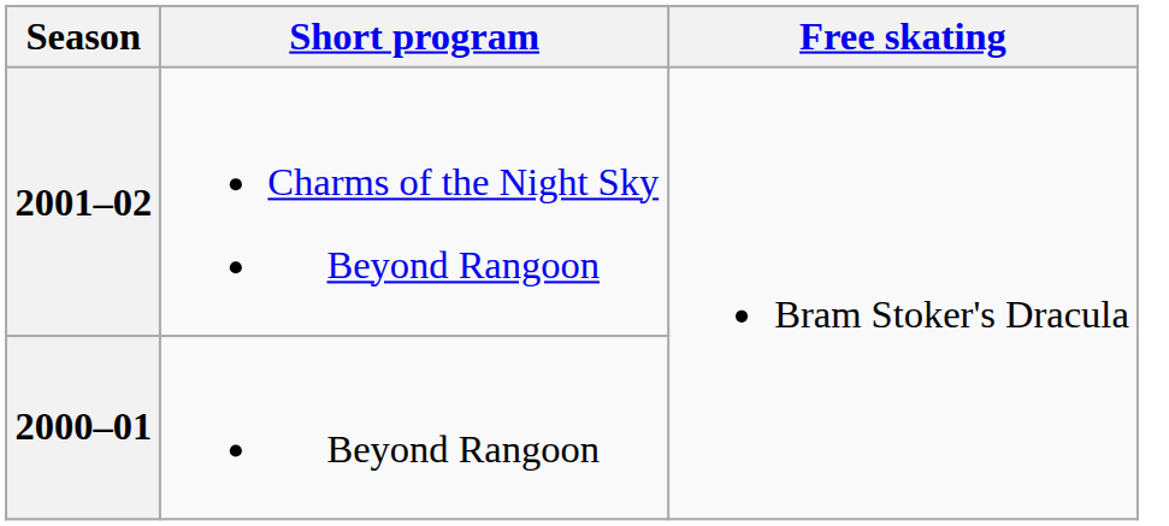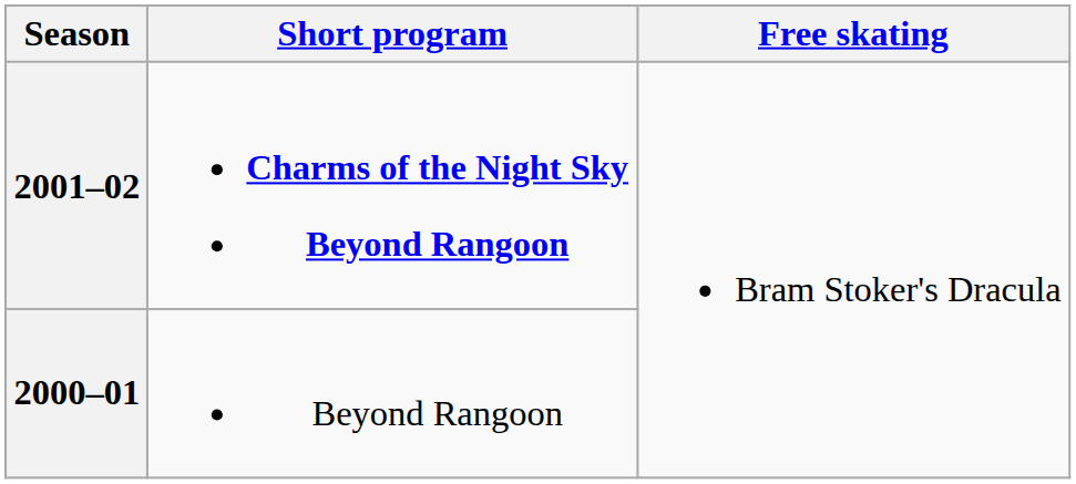 <table class="wikitable" style="text-align:center">
 <tr>
 <th>Season</th>
 <th><a href='#'>Short program</a></th>
 <th><a href='#'>Free skating</a></th>
 </tr>
 <tr>
 <th>2001–02 <br></th>
-<td><br><ul><li><a href='#'>Charms of the Night Sky</a> <br></li></ul><ul><li><a href='#'>Beyond Rangoon</a> <br></li></ul></td>
+<td><strong><br><ul><li><a href='#'>Charms of the Night Sky</a> <br></li></ul><ul><li><a href='#'>Beyond Rangoon</a> <br></li></ul></strong></td>
 <td rowspan=2><br><ul><li>Bram Stoker's Dracula <br></li></ul></td>
 </tr>
 <tr>
 <th>2000–01 <br></th>
 <td><br><ul><li>Beyond Rangoon <br></li></ul></td>
 </tr>
 </table>
